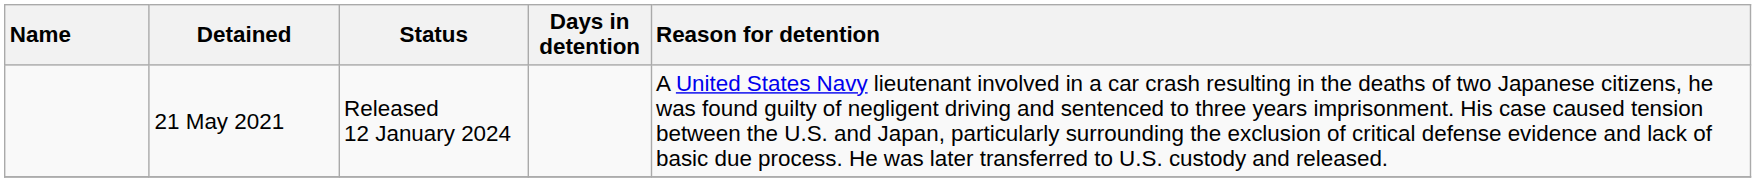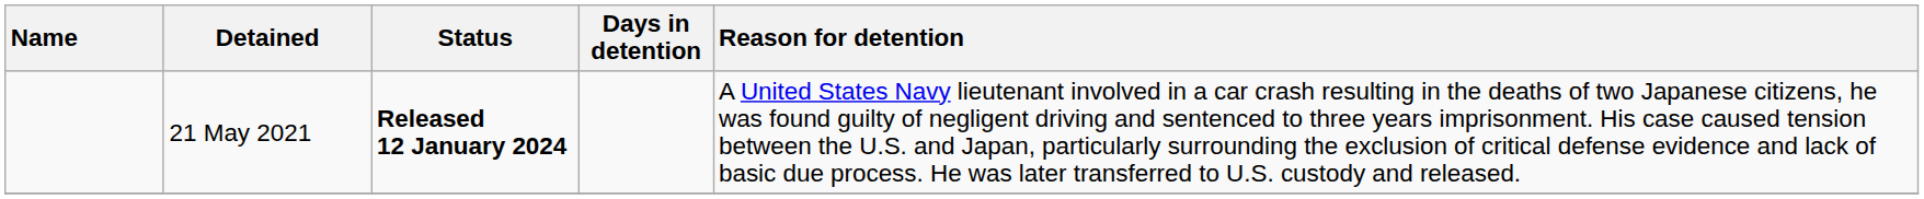 <table class="wikitable defaultleft col2center col3center col4center col5left sortable">
 <tr>
 <th style="text-align: left; width: 6em;">Name</th>
 <th style="width: 8em;">Detained</th>
 <th style="width: 8em;">Status</th>
 <th style="width: 5em;">Days in detention</th>
 <th class="unsortable" style="text-align: left;">Reason for detention</th>
 </tr>
 <tr>
 <td></td>
 <td>21 May 2021</td>
-<td>Released <br> 12 January 2024</td>
+<td><strong>Released <br> 12 January 2024</strong></td>
 <td></td>
 <td>A <a href='#'>United States Navy</a> lieutenant involved in a car crash resulting in the deaths of two Japanese citizens, he was found guilty of negligent driving and sentenced to three years imprisonment. His case caused tension between the U.S. and Japan, particularly surrounding the exclusion of critical defense evidence and lack of basic due process. He was later transferred to U.S. custody and released.</td>
 </tr>
 <tr>
 </tr>
 </table>
